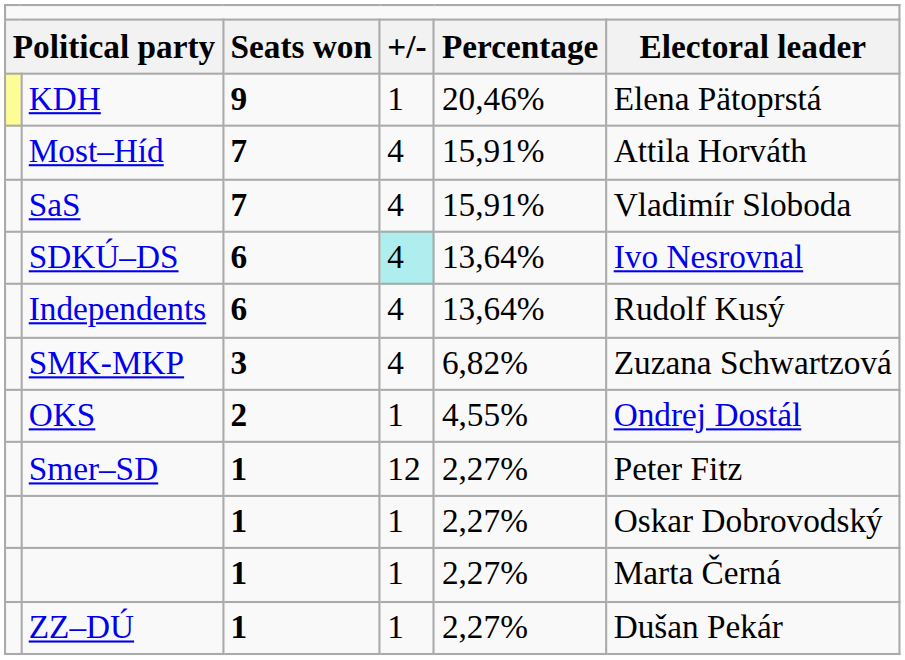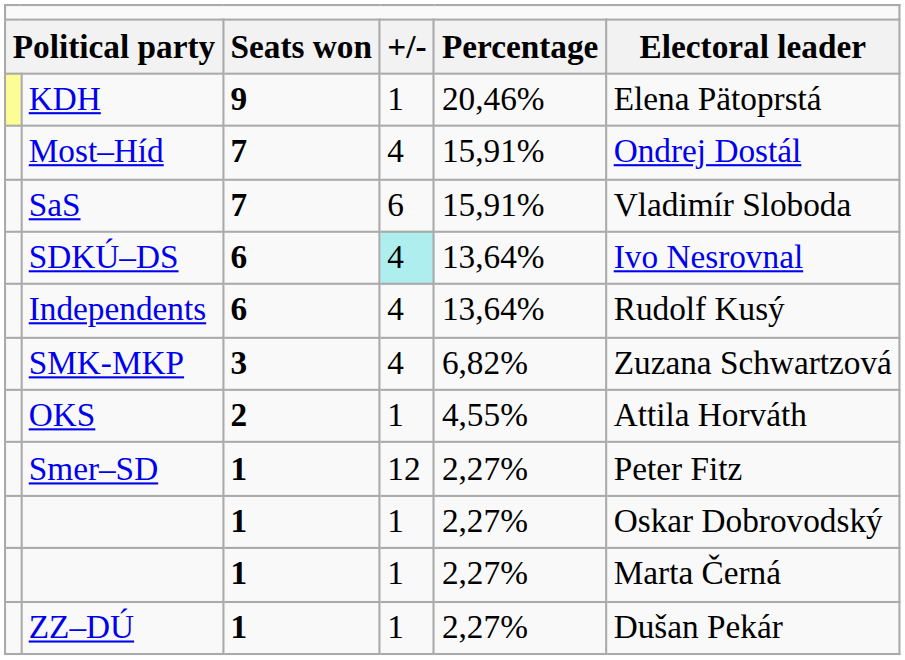 <table class="wikitable" style="text-align: left;">
 <tr>
 <td colspan="6"></td>
 </tr>
 <tr>
 <th colspan="2">Political party</th>
 <th>Seats won</th>
 <th>+/-</th>
 <th>Percentage</th>
 <th>Electoral leader</th>
 </tr>
 <tr>
 <td style="background:#fdfd96"></td>
 <td><a href='#'>KDH</a></td>
 <td><strong>9</strong></td>
 <td> 1</td>
 <td>20,46%</td>
 <td>Elena Pätoprstá</td>
 </tr>
 <tr>
 <td style="background:"></td>
 <td><a href='#'>Most–Híd</a></td>
 <td><strong>7</strong></td>
 <td> 4</td>
 <td>15,91%</td>
-<td>Attila Horváth</td>
+<td><a href='#'>Ondrej Dostál</a></td>
 </tr>
 <tr>
 <td style="background:"></td>
 <td><a href='#'>SaS</a></td>
 <td><strong>7</strong></td>
-<td> 4</td>
+<td> 6</td>
 <td>15,91%</td>
 <td>Vladimír Sloboda</td>
 </tr>
 <tr>
 <td style="background:"></td>
 <td><a href='#'>SDKÚ–DS</a></td>
 <td><strong>6</strong></td>
 <td style="background: paleturquoise;"> 4</td>
 <td>13,64%</td>
 <td><a href='#'>Ivo Nesrovnal</a></td>
 </tr>
 <tr>
 <td style="background:"></td>
 <td><a href='#'>Independents</a></td>
 <td><strong>6</strong></td>
 <td> 4</td>
 <td>13,64%</td>
 <td>Rudolf Kusý</td>
 </tr>
 <tr>
 <td style="background:"></td>
 <td><a href='#'>SMK-MKP</a></td>
 <td><strong>3</strong></td>
 <td> 4</td>
 <td>6,82%</td>
 <td>Zuzana Schwartzová</td>
 </tr>
 <tr>
 <td style="background:"></td>
 <td><a href='#'>OKS</a></td>
 <td><strong>2</strong></td>
 <td> 1</td>
 <td>4,55%</td>
-<td><a href='#'>Ondrej Dostál</a></td>
+<td>Attila Horváth</td>
 </tr>
 <tr>
 <td style="background:"></td>
 <td><a href='#'>Smer–SD</a></td>
 <td><strong>1</strong></td>
 <td> 12</td>
 <td>2,27%</td>
 <td>Peter Fitz</td>
 </tr>
 <tr>
 <td style="background:"></td>
 <td></td>
 <td><strong>1</strong></td>
 <td> 1</td>
 <td>2,27%</td>
 <td>Oskar Dobrovodský</td>
 </tr>
 <tr>
 <td style="background:"></td>
 <td></td>
 <td><strong>1</strong></td>
 <td> 1</td>
 <td>2,27%</td>
 <td>Marta Černá</td>
 </tr>
 <tr>
 <td style="background:"></td>
 <td><a href='#'>ZZ–DÚ</a></td>
 <td><strong>1</strong></td>
 <td> 1</td>
 <td>2,27%</td>
 <td>Dušan Pekár</td>
 </tr>
 </table>
